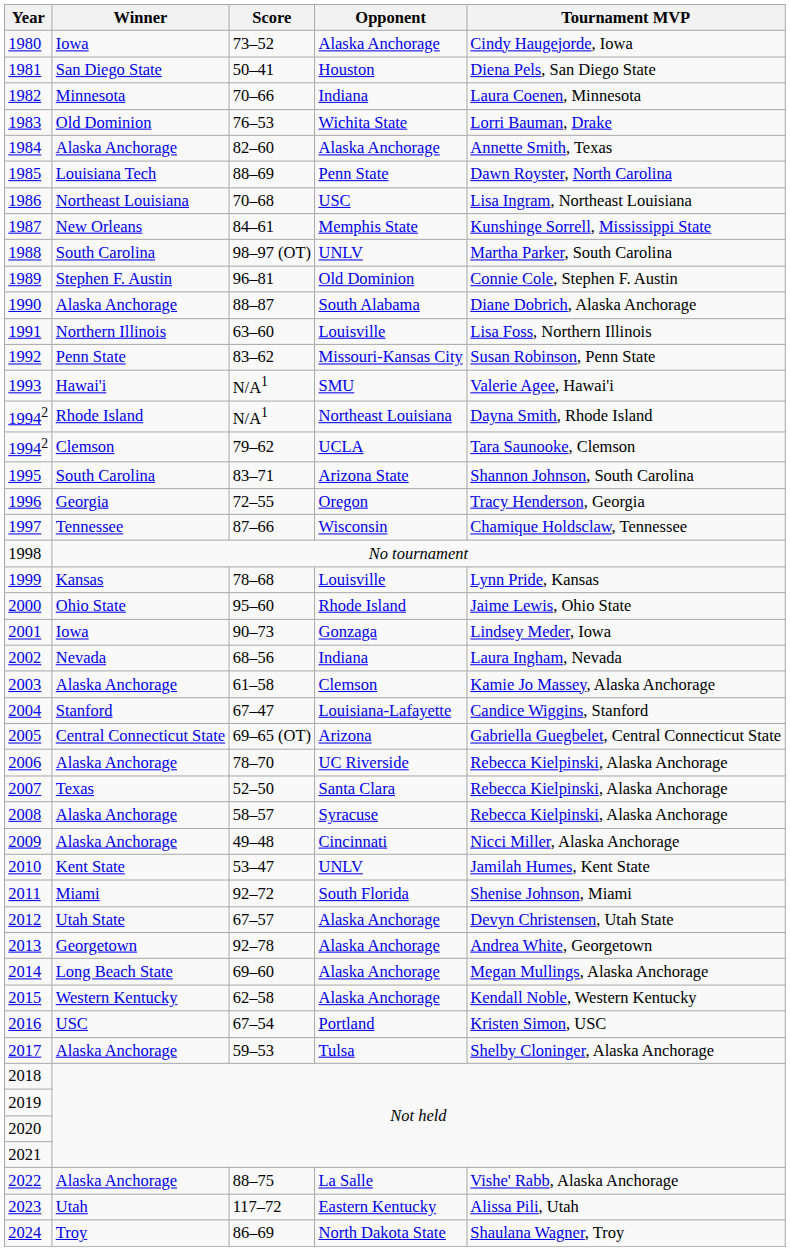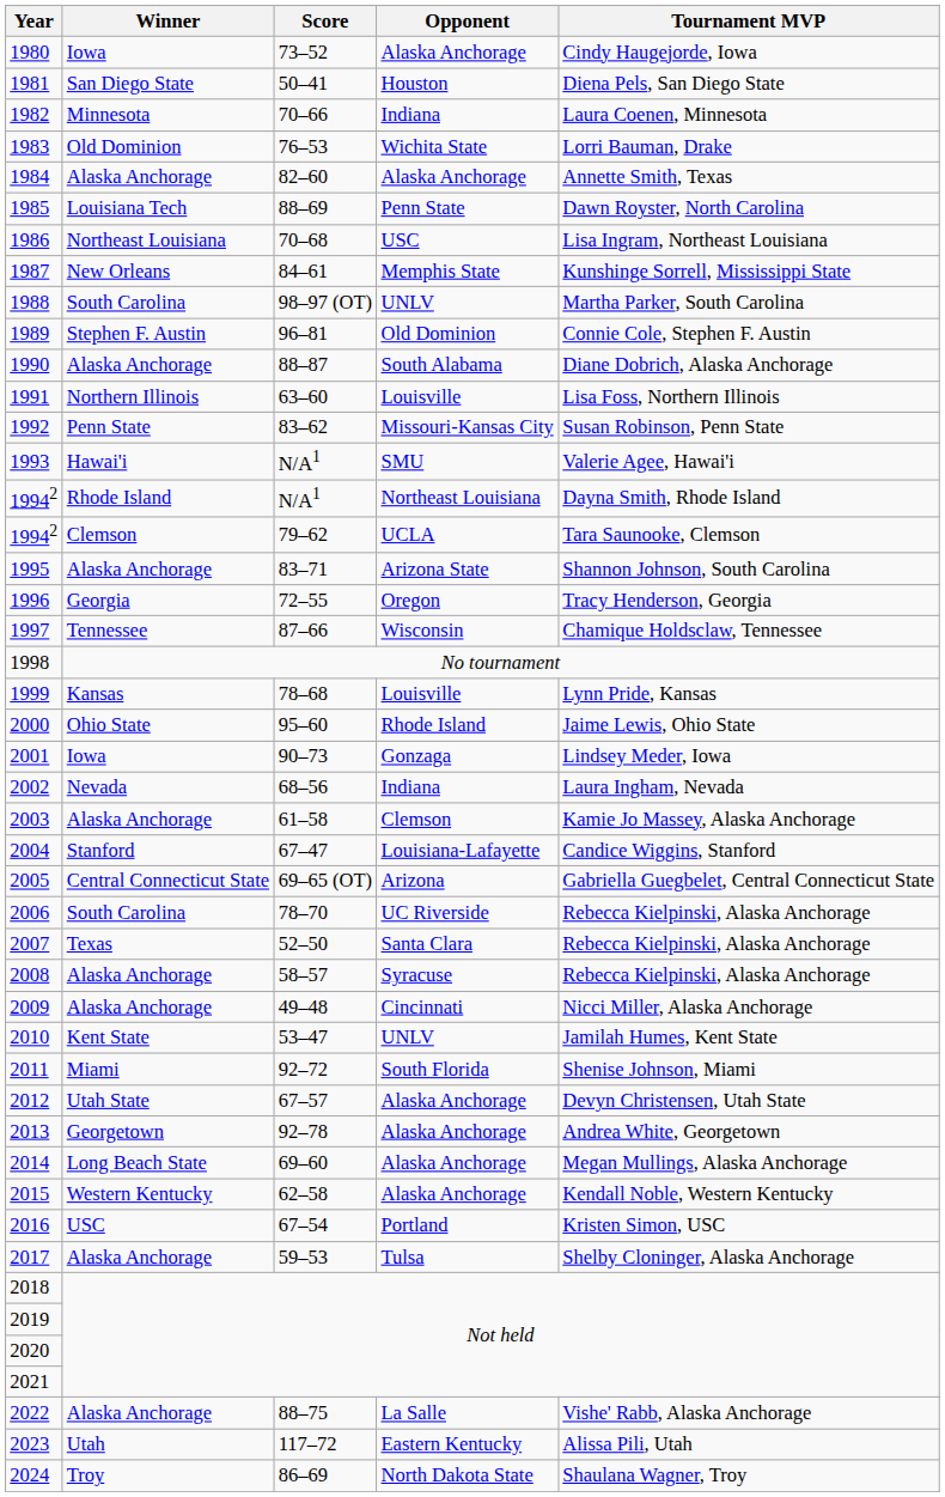 <table class="wikitable">
 <tr>
 <th>Year</th>
 <th>Winner</th>
 <th>Score</th>
 <th>Opponent</th>
 <th>Tournament MVP</th>
 </tr>
 <tr>
 <td><a href='#'>1980</a></td>
 <td><a href='#'>Iowa</a></td>
 <td>73–52</td>
 <td><a href='#'>Alaska Anchorage</a></td>
 <td><a href='#'>Cindy Haugejorde</a>, Iowa</td>
 </tr>
 <tr>
 <td><a href='#'>1981</a></td>
 <td><a href='#'>San Diego State</a></td>
 <td>50–41</td>
 <td><a href='#'>Houston</a></td>
 <td><a href='#'>Diena Pels</a>, San Diego State</td>
 </tr>
 <tr>
 <td><a href='#'>1982</a></td>
 <td><a href='#'>Minnesota</a></td>
 <td>70–66</td>
 <td><a href='#'>Indiana</a></td>
 <td><a href='#'>Laura Coenen</a>, Minnesota</td>
 </tr>
 <tr>
 <td><a href='#'>1983</a></td>
 <td><a href='#'>Old Dominion</a></td>
 <td>76–53</td>
 <td><a href='#'>Wichita State</a></td>
 <td><a href='#'>Lorri Bauman</a>, <a href='#'>Drake</a></td>
 </tr>
 <tr>
 <td><a href='#'>1984</a></td>
 <td><a href='#'>Alaska Anchorage</a></td>
 <td>82–60</td>
 <td><a href='#'>Alaska Anchorage</a></td>
 <td><a href='#'>Annette Smith</a>, Texas</td>
 </tr>
 <tr>
 <td><a href='#'>1985</a></td>
 <td><a href='#'>Louisiana Tech</a></td>
 <td>88–69</td>
 <td><a href='#'>Penn State</a></td>
 <td><a href='#'>Dawn Royster</a>, <a href='#'>North Carolina</a></td>
 </tr>
 <tr>
 <td><a href='#'>1986</a></td>
 <td><a href='#'>Northeast Louisiana</a></td>
 <td>70–68</td>
 <td><a href='#'>USC</a></td>
 <td><a href='#'>Lisa Ingram</a>, Northeast Louisiana</td>
 </tr>
 <tr>
 <td><a href='#'>1987</a></td>
 <td><a href='#'>New Orleans</a></td>
 <td>84–61</td>
 <td><a href='#'>Memphis State</a></td>
 <td><a href='#'>Kunshinge Sorrell</a>, <a href='#'>Mississippi State</a></td>
 </tr>
 <tr>
 <td><a href='#'>1988</a></td>
 <td><a href='#'>South Carolina</a></td>
 <td>98–97 (OT)</td>
 <td><a href='#'>UNLV</a></td>
 <td><a href='#'>Martha Parker</a>, South Carolina</td>
 </tr>
 <tr>
 <td><a href='#'>1989</a></td>
 <td><a href='#'>Stephen F. Austin</a></td>
 <td>96–81</td>
 <td><a href='#'>Old Dominion</a></td>
 <td><a href='#'>Connie Cole</a>, Stephen F. Austin</td>
 </tr>
 <tr>
 <td><a href='#'>1990</a></td>
 <td><a href='#'>Alaska Anchorage</a></td>
 <td>88–87</td>
 <td><a href='#'>South Alabama</a></td>
 <td><a href='#'>Diane Dobrich</a>, Alaska Anchorage</td>
 </tr>
 <tr>
 <td><a href='#'>1991</a></td>
 <td><a href='#'>Northern Illinois</a></td>
 <td>63–60</td>
 <td><a href='#'>Louisville</a></td>
 <td><a href='#'>Lisa Foss</a>, Northern Illinois</td>
 </tr>
 <tr>
 <td><a href='#'>1992</a></td>
 <td><a href='#'>Penn State</a></td>
 <td>83–62</td>
 <td><a href='#'>Missouri-Kansas City</a></td>
 <td><a href='#'>Susan Robinson</a>, Penn State</td>
 </tr>
 <tr>
 <td><a href='#'>1993</a></td>
 <td><a href='#'>Hawai'i</a></td>
 <td>N/A<sup>1</sup></td>
 <td><a href='#'>SMU</a></td>
 <td><a href='#'>Valerie Agee</a>, Hawai'i</td>
 </tr>
 <tr>
 <td><a href='#'>1994</a><sup>2</sup></td>
 <td><a href='#'>Rhode Island</a></td>
 <td>N/A<sup>1</sup></td>
 <td><a href='#'>Northeast Louisiana</a></td>
 <td><a href='#'>Dayna Smith</a>, Rhode Island</td>
 </tr>
 <tr>
 <td><a href='#'>1994</a><sup>2</sup></td>
 <td><a href='#'>Clemson</a></td>
 <td>79–62</td>
 <td><a href='#'>UCLA</a></td>
 <td><a href='#'>Tara Saunooke</a>, Clemson</td>
 </tr>
 <tr>
 <td><a href='#'>1995</a></td>
-<td><a href='#'>South Carolina</a></td>
+<td><a href='#'>Alaska Anchorage</a></td>
 <td>83–71</td>
 <td><a href='#'>Arizona State</a></td>
 <td><a href='#'>Shannon Johnson</a>, South Carolina</td>
 </tr>
 <tr>
 <td><a href='#'>1996</a></td>
 <td><a href='#'>Georgia</a></td>
 <td>72–55</td>
 <td><a href='#'>Oregon</a></td>
 <td><a href='#'>Tracy Henderson</a>, Georgia</td>
 </tr>
 <tr>
 <td><a href='#'>1997</a></td>
 <td><a href='#'>Tennessee</a></td>
 <td>87–66</td>
 <td><a href='#'>Wisconsin</a></td>
 <td><a href='#'>Chamique Holdsclaw</a>, Tennessee</td>
 </tr>
 <tr>
 <td>1998</td>
 <td colspan="4" align="center"><em>No tournament</em></td>
 </tr>
 <tr>
 <td><a href='#'>1999</a></td>
 <td><a href='#'>Kansas</a></td>
 <td>78–68</td>
 <td><a href='#'>Louisville</a></td>
 <td><a href='#'>Lynn Pride</a>, Kansas</td>
 </tr>
 <tr>
 <td><a href='#'>2000</a></td>
 <td><a href='#'>Ohio State</a></td>
 <td>95–60</td>
 <td><a href='#'>Rhode Island</a></td>
 <td><a href='#'>Jaime Lewis</a>, Ohio State</td>
 </tr>
 <tr>
 <td><a href='#'>2001</a></td>
 <td><a href='#'>Iowa</a></td>
 <td>90–73</td>
 <td><a href='#'>Gonzaga</a></td>
 <td><a href='#'>Lindsey Meder</a>, Iowa</td>
 </tr>
 <tr>
 <td><a href='#'>2002</a></td>
 <td><a href='#'>Nevada</a></td>
 <td>68–56</td>
 <td><a href='#'>Indiana</a></td>
 <td><a href='#'>Laura Ingham</a>, Nevada</td>
 </tr>
 <tr>
 <td><a href='#'>2003</a></td>
 <td><a href='#'>Alaska Anchorage</a></td>
 <td>61–58</td>
 <td><a href='#'>Clemson</a></td>
 <td><a href='#'>Kamie Jo Massey</a>, Alaska Anchorage</td>
 </tr>
 <tr>
 <td><a href='#'>2004</a></td>
 <td><a href='#'>Stanford</a></td>
 <td>67–47</td>
 <td><a href='#'>Louisiana-Lafayette</a></td>
 <td><a href='#'>Candice Wiggins</a>, Stanford</td>
 </tr>
 <tr>
 <td><a href='#'>2005</a></td>
 <td><a href='#'>Central Connecticut State</a></td>
 <td>69–65 (OT)</td>
 <td><a href='#'>Arizona</a></td>
 <td><a href='#'>Gabriella Guegbelet</a>, Central Connecticut State</td>
 </tr>
 <tr>
 <td><a href='#'>2006</a></td>
-<td><a href='#'>Alaska Anchorage</a></td>
+<td><a href='#'>South Carolina</a></td>
 <td>78–70</td>
 <td><a href='#'>UC Riverside</a></td>
 <td><a href='#'>Rebecca Kielpinski</a>, Alaska Anchorage</td>
 </tr>
 <tr>
 <td><a href='#'>2007</a></td>
 <td><a href='#'>Texas</a></td>
 <td>52–50</td>
 <td><a href='#'>Santa Clara</a></td>
 <td><a href='#'>Rebecca Kielpinski</a>, Alaska Anchorage</td>
 </tr>
 <tr>
 <td><a href='#'>2008</a></td>
 <td><a href='#'>Alaska Anchorage</a></td>
 <td>58–57</td>
 <td><a href='#'>Syracuse</a></td>
 <td><a href='#'>Rebecca Kielpinski</a>, Alaska Anchorage</td>
 </tr>
 <tr>
 <td><a href='#'>2009</a></td>
 <td><a href='#'>Alaska Anchorage</a></td>
 <td>49–48</td>
 <td><a href='#'>Cincinnati</a></td>
 <td><a href='#'>Nicci Miller</a>, Alaska Anchorage</td>
 </tr>
 <tr>
 <td><a href='#'>2010</a></td>
 <td><a href='#'>Kent State</a></td>
 <td>53–47</td>
 <td><a href='#'>UNLV</a></td>
 <td><a href='#'>Jamilah Humes</a>, Kent State</td>
 </tr>
 <tr>
 <td><a href='#'>2011</a></td>
 <td><a href='#'>Miami</a></td>
 <td>92–72</td>
 <td><a href='#'>South Florida</a></td>
 <td><a href='#'>Shenise Johnson</a>, Miami</td>
 </tr>
 <tr>
 <td><a href='#'>2012</a></td>
 <td><a href='#'>Utah State</a></td>
 <td>67–57</td>
 <td><a href='#'>Alaska Anchorage</a></td>
 <td><a href='#'>Devyn Christensen</a>, Utah State</td>
 </tr>
 <tr>
 <td><a href='#'>2013</a></td>
 <td><a href='#'>Georgetown</a></td>
 <td>92–78</td>
 <td><a href='#'>Alaska Anchorage</a></td>
 <td><a href='#'>Andrea White</a>, Georgetown</td>
 </tr>
 <tr>
 <td><a href='#'>2014</a></td>
 <td><a href='#'>Long Beach State</a></td>
 <td>69–60</td>
 <td><a href='#'>Alaska Anchorage</a></td>
 <td><a href='#'>Megan Mullings</a>, Alaska Anchorage</td>
 </tr>
 <tr>
 <td><a href='#'>2015</a></td>
 <td><a href='#'>Western Kentucky</a></td>
 <td>62–58</td>
 <td><a href='#'>Alaska Anchorage</a></td>
 <td><a href='#'>Kendall Noble</a>, Western Kentucky</td>
 </tr>
 <tr>
 <td><a href='#'>2016</a></td>
 <td><a href='#'>USC</a></td>
 <td>67–54</td>
 <td><a href='#'>Portland</a></td>
 <td><a href='#'>Kristen Simon</a>, USC</td>
 </tr>
 <tr>
 <td><a href='#'>2017</a></td>
 <td><a href='#'>Alaska Anchorage</a></td>
 <td>59–53</td>
 <td><a href='#'>Tulsa</a></td>
 <td><a href='#'>Shelby Cloninger</a>, Alaska Anchorage</td>
 </tr>
 <tr>
 <td>2018</td>
 <td colspan="4" rowspan="4" align="center"><em>Not held</em></td>
 </tr>
 <tr>
 <td>2019</td>
 </tr>
 <tr>
 <td>2020</td>
 </tr>
 <tr>
 <td>2021</td>
 </tr>
 <tr>
 <td><a href='#'>2022</a></td>
 <td><a href='#'>Alaska Anchorage</a></td>
 <td>88–75</td>
 <td><a href='#'>La Salle</a></td>
 <td><a href='#'>Vishe' Rabb</a>, Alaska Anchorage</td>
 </tr>
 <tr>
 <td><a href='#'>2023</a></td>
 <td><a href='#'>Utah</a></td>
 <td>117–72</td>
 <td><a href='#'>Eastern Kentucky</a></td>
 <td><a href='#'>Alissa Pili</a>, Utah</td>
 </tr>
 <tr>
 <td><a href='#'>2024</a></td>
 <td><a href='#'>Troy</a></td>
 <td>86–69</td>
 <td><a href='#'>North Dakota State</a></td>
 <td><a href='#'>Shaulana Wagner</a>, Troy</td>
 </tr>
 </table>
